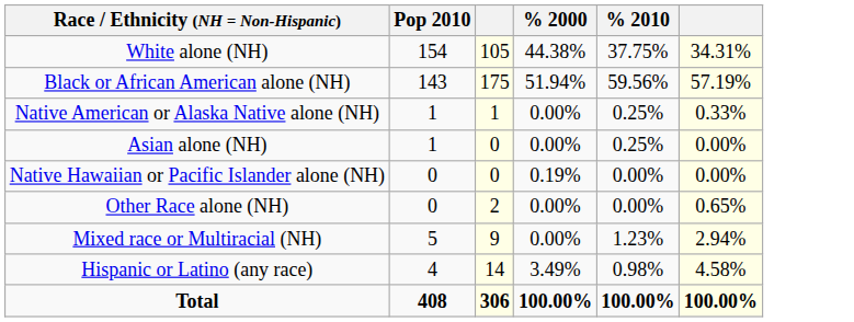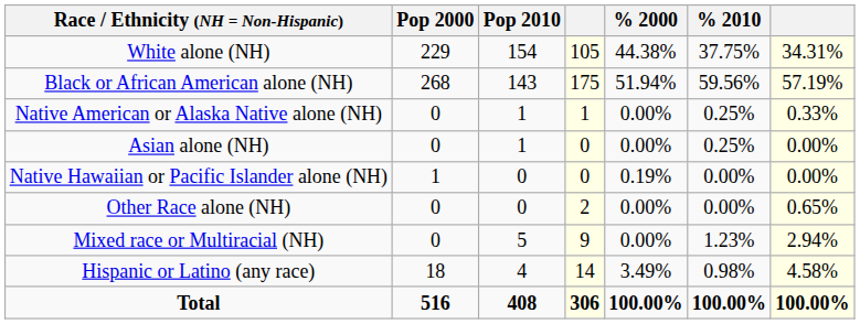 <table class="wikitable" style="text-align:center;">
 <tr>
 <th>Race / Ethnicity <small>(<em>NH = Non-Hispanic</em>)</small></th>
+<th>Pop 2000</th>
 <th>Pop 2010</th>
 <th></th>
 <th>% 2000</th>
 <th>% 2010</th>
 <th></th>
 </tr>
 <tr>
 <td><a href='#'>White</a> alone (NH)</td>
+<td>229</td>
 <td>154</td>
 <td style='background: #ffffe6;'>105</td>
 <td>44.38%</td>
 <td>37.75%</td>
 <td style='background: #ffffe6;'>34.31%</td>
 </tr>
 <tr>
 <td><a href='#'>Black or African American</a> alone (NH)</td>
+<td>268</td>
 <td>143</td>
 <td style='background: #ffffe6;'>175</td>
 <td>51.94%</td>
 <td>59.56%</td>
 <td style='background: #ffffe6;'>57.19%</td>
 </tr>
 <tr>
 <td><a href='#'>Native American</a> or <a href='#'>Alaska Native</a> alone (NH)</td>
+<td>0</td>
 <td>1</td>
 <td style='background: #ffffe6;'>1</td>
 <td>0.00%</td>
 <td>0.25%</td>
 <td style='background: #ffffe6;'>0.33%</td>
 </tr>
 <tr>
 <td><a href='#'>Asian</a> alone (NH)</td>
+<td>0</td>
 <td>1</td>
 <td style='background: #ffffe6;'>0</td>
 <td>0.00%</td>
 <td>0.25%</td>
 <td style='background: #ffffe6;'>0.00%</td>
 </tr>
 <tr>
 <td><a href='#'>Native Hawaiian</a> or <a href='#'>Pacific Islander</a> alone (NH)</td>
+<td>1</td>
 <td>0</td>
 <td style='background: #ffffe6;'>0</td>
 <td>0.19%</td>
 <td>0.00%</td>
 <td style='background: #ffffe6;'>0.00%</td>
 </tr>
 <tr>
 <td><a href='#'>Other Race</a> alone (NH)</td>
 <td>0</td>
+<td>0</td>
 <td style='background: #ffffe6;'>2</td>
 <td>0.00%</td>
 <td>0.00%</td>
 <td style='background: #ffffe6;'>0.65%</td>
 </tr>
 <tr>
 <td><a href='#'>Mixed race or Multiracial</a> (NH)</td>
+<td>0</td>
 <td>5</td>
 <td style='background: #ffffe6;'>9</td>
 <td>0.00%</td>
 <td>1.23%</td>
 <td style='background: #ffffe6;'>2.94%</td>
 </tr>
 <tr>
 <td><a href='#'>Hispanic or Latino</a> (any race)</td>
+<td>18</td>
 <td>4</td>
 <td style='background: #ffffe6;'>14</td>
 <td>3.49%</td>
 <td>0.98%</td>
 <td style='background: #ffffe6;'>4.58%</td>
 </tr>
 <tr>
 <td><strong>Total</strong></td>
+<td><strong>516</strong></td>
 <td><strong>408</strong></td>
 <td style='background: #ffffe6;'><strong>306</strong></td>
 <td><strong>100.00%</strong></td>
 <td><strong>100.00%</strong></td>
 <td style='background: #ffffe6;'><strong>100.00%</strong></td>
 </tr>
 </table>
